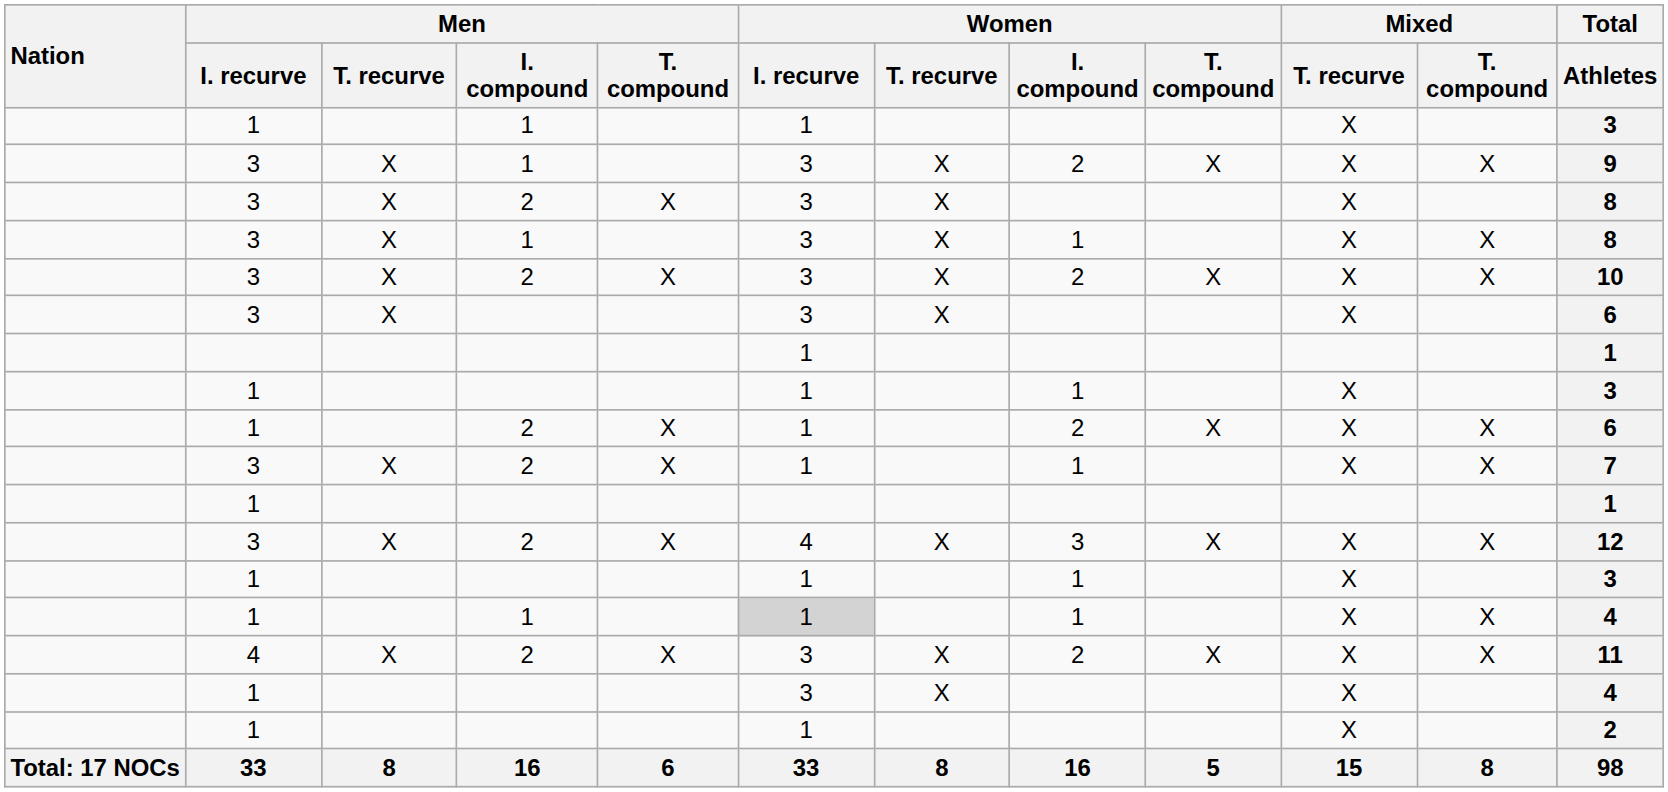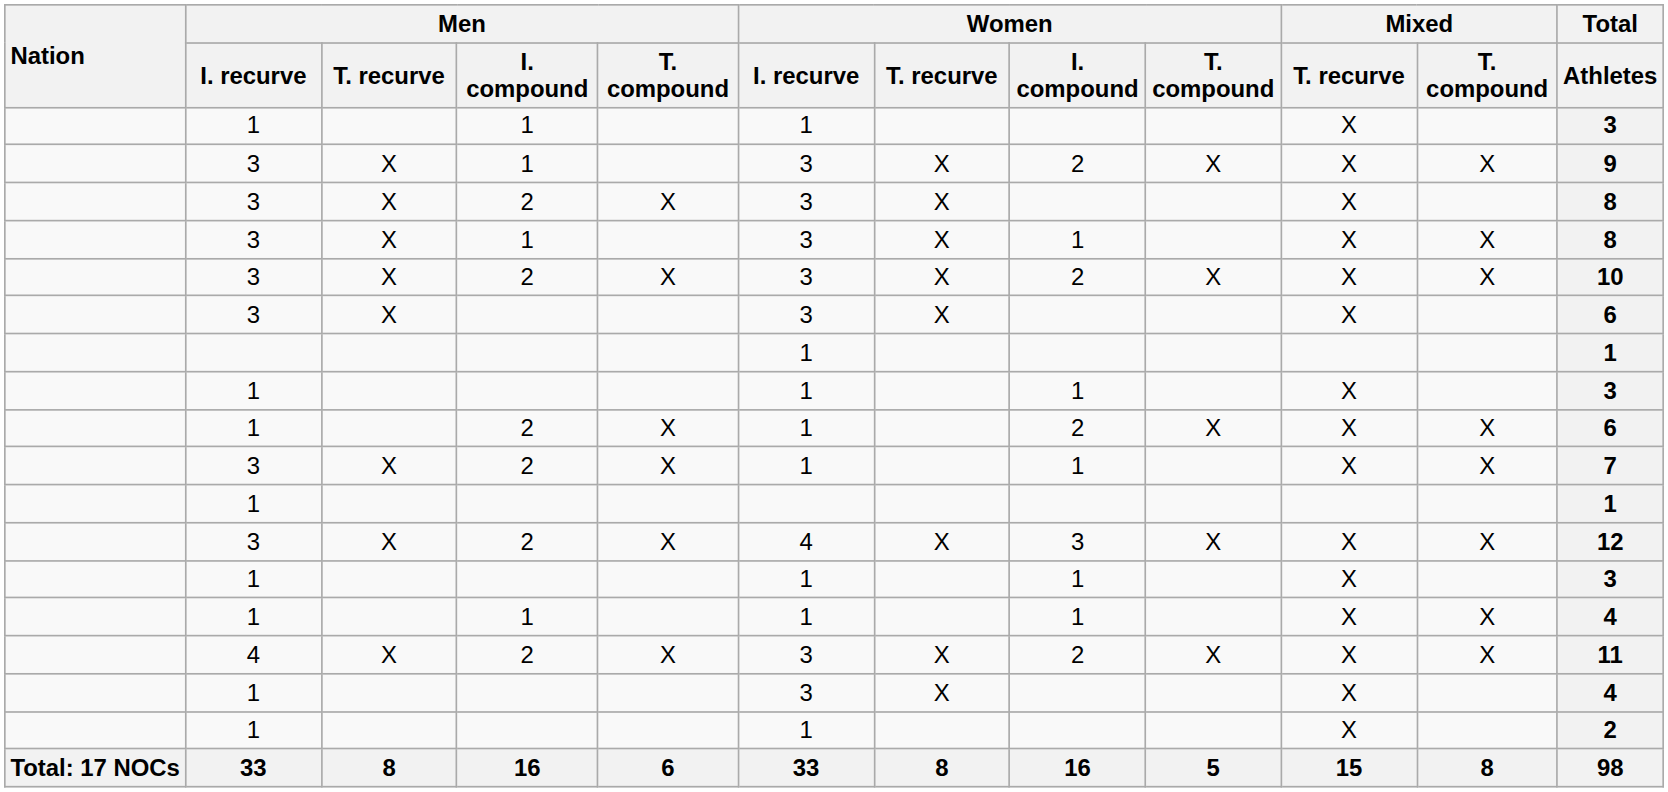 <table class="wikitable" style="text-align:center; font-size:90%">
 <tr>
 <th rowspan="2" style="text-align:left">Nation</th>
 <th colspan="4">Men</th>
 <th colspan="4">Women</th>
 <th colspan="2">Mixed</th>
 <th>Total</th>
 </tr>
 <tr>
 <th width="75">I. recurve</th>
 <th width="75">T. recurve</th>
 <th width="78">I. compound</th>
 <th width="78">T. compound</th>
 <th width="75">I. recurve</th>
 <th width="75">T. recurve</th>
 <th width="75">I. compound</th>
 <th width="75">T. compound</th>
 <th width="75">T. recurve</th>
 <th width="78">T. compound</th>
 <th width="55">Athletes</th>
 </tr>
 <tr>
 <td style="text-align:left"></td>
 <td>1</td>
 <td></td>
 <td>1</td>
 <td></td>
 <td>1</td>
 <td></td>
 <td></td>
 <td></td>
 <td>X</td>
 <td></td>
 <th>3</th>
 </tr>
 <tr>
 <td style="text-align:left"></td>
 <td>3</td>
 <td>X</td>
 <td>1</td>
 <td></td>
 <td>3</td>
 <td>X</td>
 <td>2</td>
 <td>X</td>
 <td>X</td>
 <td>X</td>
 <th>9</th>
 </tr>
 <tr>
 <td style="text-align:left"></td>
 <td>3</td>
 <td>X</td>
 <td>2</td>
 <td>X</td>
 <td>3</td>
 <td>X</td>
 <td></td>
 <td></td>
 <td>X</td>
 <td></td>
 <th>8</th>
 </tr>
 <tr>
 <td style="text-align:left"></td>
 <td>3</td>
 <td>X</td>
 <td>1</td>
 <td></td>
 <td>3</td>
 <td>X</td>
 <td>1</td>
 <td></td>
 <td>X</td>
 <td>X</td>
 <th>8</th>
 </tr>
 <tr>
 <td style="text-align:left"></td>
 <td>3</td>
 <td>X</td>
 <td>2</td>
 <td>X</td>
 <td>3</td>
 <td>X</td>
 <td>2</td>
 <td>X</td>
 <td>X</td>
 <td>X</td>
 <th>10</th>
 </tr>
 <tr>
 <td style="text-align:left"></td>
 <td>3</td>
 <td>X</td>
 <td></td>
 <td></td>
 <td>3</td>
 <td>X</td>
 <td></td>
 <td></td>
 <td>X</td>
 <td></td>
 <th>6</th>
 </tr>
 <tr>
 <td style="text-align:left"></td>
 <td></td>
 <td></td>
 <td></td>
 <td></td>
 <td>1</td>
 <td></td>
 <td></td>
 <td></td>
 <td></td>
 <td></td>
 <th>1</th>
 </tr>
 <tr>
 <td style="text-align:left"></td>
 <td>1</td>
 <td></td>
 <td></td>
 <td></td>
 <td>1</td>
 <td></td>
 <td>1</td>
 <td></td>
 <td>X</td>
 <td></td>
 <th>3</th>
 </tr>
 <tr>
 <td style="text-align:left"></td>
 <td>1</td>
 <td></td>
 <td>2</td>
 <td>X</td>
 <td>1</td>
 <td></td>
 <td>2</td>
 <td>X</td>
 <td>X</td>
 <td>X</td>
 <th>6</th>
 </tr>
 <tr>
 <td style="text-align:left"></td>
 <td>3</td>
 <td>X</td>
 <td>2</td>
 <td>X</td>
 <td>1</td>
 <td></td>
 <td>1</td>
 <td></td>
 <td>X</td>
 <td>X</td>
 <th>7</th>
 </tr>
 <tr>
 <td style="text-align:left"></td>
 <td>1</td>
 <td></td>
 <td></td>
 <td></td>
 <td></td>
 <td></td>
 <td></td>
 <td></td>
 <td></td>
 <td></td>
 <th>1</th>
 </tr>
 <tr>
 <td style="text-align:left"></td>
 <td>3</td>
 <td>X</td>
 <td>2</td>
 <td>X</td>
 <td>4</td>
 <td>X</td>
 <td>3</td>
 <td>X</td>
 <td>X</td>
 <td>X</td>
 <th>12</th>
 </tr>
 <tr>
 <td style="text-align:left"></td>
 <td>1</td>
 <td></td>
 <td></td>
 <td></td>
 <td>1</td>
 <td></td>
 <td>1</td>
 <td></td>
 <td>X</td>
 <td></td>
 <th>3</th>
 </tr>
 <tr>
 <td style="text-align:left"></td>
 <td>1</td>
 <td></td>
 <td>1</td>
 <td></td>
-<td style="background: lightgrey;">1</td>
+<td>1</td>
 <td></td>
 <td>1</td>
 <td></td>
 <td>X</td>
 <td>X</td>
 <th>4</th>
 </tr>
 <tr>
 <td style="text-align:left"></td>
 <td>4</td>
 <td>X</td>
 <td>2</td>
 <td>X</td>
 <td>3</td>
 <td>X</td>
 <td>2</td>
 <td>X</td>
 <td>X</td>
 <td>X</td>
 <th>11</th>
 </tr>
 <tr>
 <td style="text-align:left"></td>
 <td>1</td>
 <td></td>
 <td></td>
 <td></td>
 <td>3</td>
 <td>X</td>
 <td></td>
 <td></td>
 <td>X</td>
 <td></td>
 <th>4</th>
 </tr>
 <tr>
 <td style="text-align:left"></td>
 <td>1</td>
 <td></td>
 <td></td>
 <td></td>
 <td>1</td>
 <td></td>
 <td></td>
 <td></td>
 <td>X</td>
 <td></td>
 <th>2</th>
 </tr>
 <tr>
 <th>Total: 17 NOCs</th>
 <th>33</th>
 <th>8</th>
 <th>16</th>
 <th>6</th>
 <th>33</th>
 <th>8</th>
 <th>16</th>
 <th>5</th>
 <th>15</th>
 <th>8</th>
 <th>98</th>
 </tr>
 </table>
